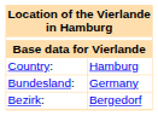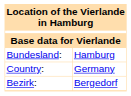 <table border="0" cellpadding="2" cellspacing="1" style="float:right; empty-cells:show; margin-left:1em; margin-bottom:0.5em; background:#FFDEAD;">
 <tr>
 <th colspan="2">Location of the Vierlande<br>in Hamburg</th>
 </tr>
 <tr --- style="background:#FFFFFF">
 </tr>
 <tr style="background:#FFFFFF;" align="center">
 <td colspan="2"></td>
 </tr>
 <tr>
 <th colspan="2">Base data for Vierlande</th>
 </tr>
 <tr --- style="background:#FFFFFF">
-<td><a href='#'>Country</a>:</td>
+<td><a href='#'>Bundesland</a>:</td>
 <td><a href='#'>Hamburg</a></td>
 </tr>
 <tr --- style="background:#FFFFFF">
-<td><a href='#'>Bundesland</a>:</td>
+<td><a href='#'>Country</a>:</td>
 <td><a href='#'>Germany</a></td>
 </tr>
 <tr --- style="background:#FFFFFF">
 <td><a href='#'>Bezirk</a>:</td>
 <td><a href='#'>Bergedorf</a></td>
 </tr>
 <tr --- style="background:#FFFFFF">
 </tr>
 </table>
